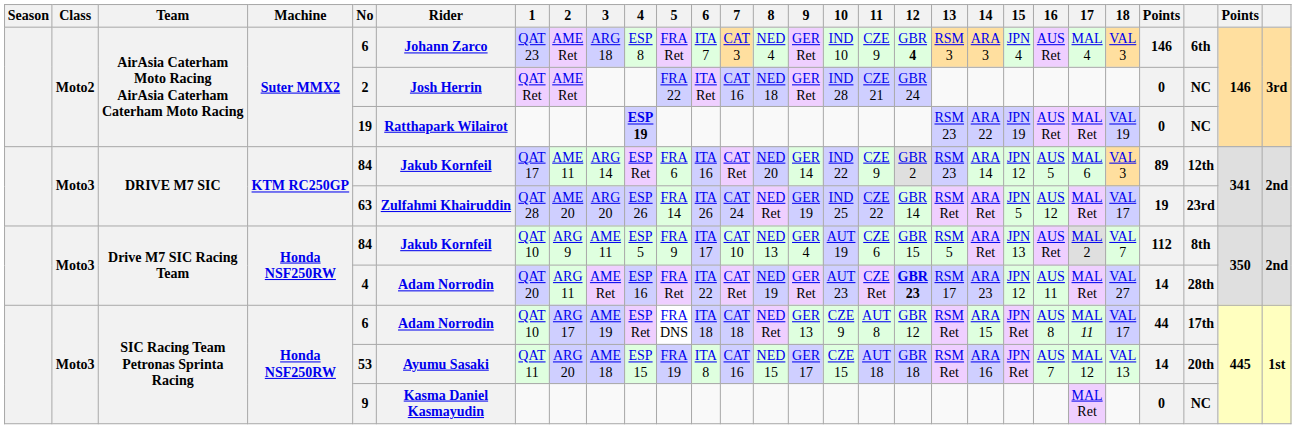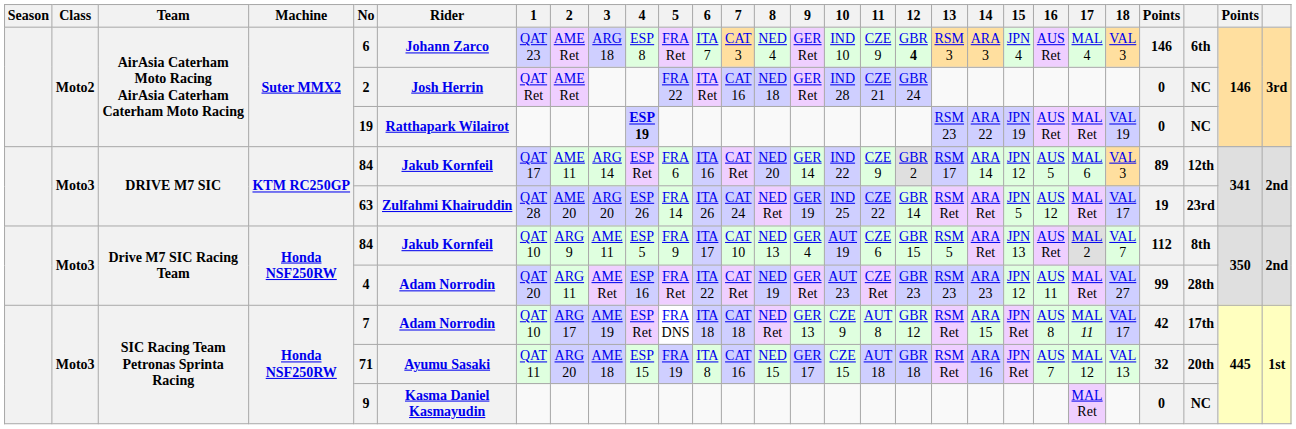 <table class="wikitable" style="text-align:center; font-size:85%">
 <tr>
 <th>Season</th>
 <th>Class</th>
 <th>Team</th>
 <th>Machine</th>
 <th>No</th>
 <th>Rider</th>
 <th>1</th>
 <th>2</th>
 <th>3</th>
 <th>4</th>
 <th>5</th>
 <th>6</th>
 <th>7</th>
 <th>8</th>
 <th>9</th>
 <th>10</th>
 <th>11</th>
 <th>12</th>
 <th>13</th>
 <th>14</th>
 <th>15</th>
 <th>16</th>
 <th>17</th>
 <th>18</th>
 <th>Points</th>
 <th></th>
 <th>Points</th>
 <th></th>
 </tr>
 <tr>
 <th rowspan=3></th>
 <th rowspan=3>Moto2</th>
 <th rowspan=3>AirAsia Caterham Moto Racing<br>AirAsia Caterham<br>Caterham Moto Racing</th>
 <th rowspan=3><a href='#'>Suter MMX2</a></th>
 <th>6</th>
 <th> <a href='#'>Johann Zarco</a></th>
 <td style="background:#cfcfff;"><a href='#'>QAT</a><br>23</td>
 <td style="background:#efcfff;"><a href='#'>AME</a><br>Ret</td>
 <td style="background:#cfcfff;"><a href='#'>ARG</a><br>18</td>
 <td style="background:#dfffdf;"><a href='#'>ESP</a><br>8</td>
 <td style="background:#efcfff;"><a href='#'>FRA</a><br>Ret</td>
 <td style="background:#dfffdf;"><a href='#'>ITA</a><br>7</td>
 <td style="background:#ffdf9f;"><a href='#'>CAT</a><br>3</td>
 <td style="background:#dfffdf;"><a href='#'>NED</a><br>4</td>
 <td style="background:#efcfff;"><a href='#'>GER</a><br>Ret</td>
 <td style="background:#dfffdf;"><a href='#'>IND</a><br>10</td>
 <td style="background:#dfffdf;"><a href='#'>CZE</a><br>9</td>
 <td style="background:#dfffdf;"><a href='#'>GBR</a><br><strong>4</strong></td>
 <td style="background:#ffdf9f;"><a href='#'>RSM</a><br>3</td>
 <td style="background:#ffdf9f;"><a href='#'>ARA</a><br>3</td>
 <td style="background:#dfffdf;"><a href='#'>JPN</a><br>4</td>
 <td style="background:#efcfff;"><a href='#'>AUS</a><br>Ret</td>
 <td style="background:#dfffdf;"><a href='#'>MAL</a><br>4</td>
 <td style="background:#ffdf9f;"><a href='#'>VAL</a><br>3</td>
 <th>146</th>
 <th>6th</th>
 <th rowspan="3" style="background:#ffdf9f;">146</th>
 <th rowspan="3" style="background:#ffdf9f;">3rd</th>
 </tr>
 <tr>
 <th>2</th>
 <th> <a href='#'>Josh Herrin</a></th>
 <td style="background:#efcfff;"><a href='#'>QAT</a><br>Ret</td>
 <td style="background:#efcfff;"><a href='#'>AME</a><br>Ret</td>
 <td></td>
 <td></td>
 <td style="background:#cfcfff;"><a href='#'>FRA</a><br>22</td>
 <td style="background:#efcfff;"><a href='#'>ITA</a><br> Ret</td>
 <td style="background:#cfcfff;"><a href='#'>CAT</a><br>16</td>
 <td style="background:#cfcfff;"><a href='#'>NED</a><br>18</td>
 <td style="background:#efcfff;"><a href='#'>GER</a><br>Ret</td>
 <td style="background:#cfcfff;"><a href='#'>IND</a><br>28</td>
 <td style="background:#cfcfff;"><a href='#'>CZE</a><br>21</td>
 <td style="background:#cfcfff;"><a href='#'>GBR</a><br>24</td>
 <td></td>
 <td></td>
 <td></td>
 <td></td>
 <td></td>
 <td></td>
 <th>0</th>
 <th>NC</th>
 </tr>
 <tr>
 <th>19</th>
 <th> <a href='#'>Ratthapark Wilairot</a></th>
 <td></td>
 <td></td>
 <td></td>
 <td style="background:#cfcfff;"><strong><a href='#'>ESP</a><br>19</strong></td>
 <td></td>
 <td></td>
 <td></td>
 <td></td>
 <td></td>
 <td></td>
 <td></td>
 <td></td>
 <td style="background:#cfcfff;"><a href='#'>RSM</a><br>23</td>
 <td style="background:#cfcfff;"><a href='#'>ARA</a><br>22</td>
 <td style="background:#cfcfff;"><a href='#'>JPN</a><br>19</td>
 <td style="background:#efcfff;"><a href='#'>AUS</a><br>Ret</td>
 <td style="background:#efcfff;"><a href='#'>MAL</a><br>Ret</td>
 <td style="background:#cfcfff;"><a href='#'>VAL</a><br>19</td>
 <th>0</th>
 <th>NC</th>
 </tr>
 <tr>
 <th rowspan=2></th>
 <th rowspan=2>Moto3</th>
 <th rowspan=2>DRIVE M7 SIC</th>
 <th rowspan=2><a href='#'>KTM RC250GP</a></th>
 <th>84</th>
 <th> <a href='#'>Jakub Kornfeil</a></th>
 <td style="background:#cfcfff;"><a href='#'>QAT</a><br>17</td>
 <td style="background:#dfffdf;"><a href='#'>AME</a><br>11</td>
 <td style="background:#dfffdf;"><a href='#'>ARG</a><br>14</td>
 <td style="background:#efcfff;"><a href='#'>ESP</a><br>Ret</td>
 <td style="background:#dfffdf;"><a href='#'>FRA</a><br>6</td>
 <td style="background:#cfcfff;"><a href='#'>ITA</a><br>16</td>
 <td style="background:#efcfff;"><a href='#'>CAT</a><br>Ret</td>
 <td style="background:#cfcfff;"><a href='#'>NED</a><br>20</td>
 <td style="background:#dfffdf;"><a href='#'>GER</a><br>14</td>
 <td style="background:#cfcfff;"><a href='#'>IND</a><br>22</td>
 <td style="background:#dfffdf;"><a href='#'>CZE</a><br>9</td>
 <td style="background:#dfdfdf;"><a href='#'>GBR</a><br>2</td>
-<td style="background:#cfcfff;"><a href='#'>RSM</a><br>23</td>
+<td style="background:#cfcfff;"><a href='#'>RSM</a><br>17</td>
 <td style="background:#dfffdf;"><a href='#'>ARA</a><br>14</td>
 <td style="background:#dfffdf;"><a href='#'>JPN</a><br>12</td>
 <td style="background:#dfffdf;"><a href='#'>AUS</a><br>5</td>
 <td style="background:#dfffdf;"><a href='#'>MAL</a><br>6</td>
 <td style="background:#ffdf9f;"><a href='#'>VAL</a><br>3</td>
 <th>89</th>
 <th>12th</th>
 <th rowspan="2" style="background:#dfdfdf;">341</th>
 <th rowspan="2" style="background:#dfdfdf;">2nd</th>
 </tr>
 <tr>
 <th>63</th>
 <th> <a href='#'>Zulfahmi Khairuddin</a></th>
 <td style="background:#cfcfff;"><a href='#'>QAT</a><br>28</td>
 <td style="background:#cfcfff;"><a href='#'>AME</a><br>20</td>
 <td style="background:#cfcfff;"><a href='#'>ARG</a><br>20</td>
 <td style="background:#cfcfff;"><a href='#'>ESP</a><br>26</td>
 <td style="background:#dfffdf;"><a href='#'>FRA</a><br>14</td>
 <td style="background:#cfcfff;"><a href='#'>ITA</a><br>26</td>
 <td style="background:#cfcfff;"><a href='#'>CAT</a><br>24</td>
 <td style="background:#efcfff;"><a href='#'>NED</a><br>Ret</td>
 <td style="background:#cfcfff;"><a href='#'>GER</a><br>19</td>
 <td style="background:#cfcfff;"><a href='#'>IND</a><br>25</td>
 <td style="background:#cfcfff;"><a href='#'>CZE</a><br>22</td>
 <td style="background:#dfffdf;"><a href='#'>GBR</a><br>14</td>
 <td style="background:#efcfff;"><a href='#'>RSM</a><br>Ret</td>
 <td style="background:#efcfff;"><a href='#'>ARA</a><br>Ret</td>
 <td style="background:#dfffdf;"><a href='#'>JPN</a><br>5</td>
 <td style="background:#dfffdf;"><a href='#'>AUS</a><br>12</td>
 <td style="background:#efcfff;"><a href='#'>MAL</a><br>Ret</td>
 <td style="background:#cfcfff;"><a href='#'>VAL</a><br>17</td>
 <th>19</th>
 <th>23rd</th>
 </tr>
 <tr>
 <th rowspan=2></th>
 <th rowspan=2>Moto3</th>
 <th rowspan=2>Drive M7 SIC Racing Team</th>
 <th rowspan=2><a href='#'>Honda NSF250RW</a></th>
 <th>84</th>
 <th> <a href='#'>Jakub Kornfeil</a></th>
 <td style="background:#dfffdf;"><a href='#'>QAT</a><br>10</td>
 <td style="background:#dfffdf;"><a href='#'>ARG</a><br>9</td>
 <td style="background:#dfffdf;"><a href='#'>AME</a><br>11</td>
 <td style="background:#dfffdf;"><a href='#'>ESP</a><br>5</td>
 <td style="background:#dfffdf;"><a href='#'>FRA</a><br>9</td>
 <td style="background:#cfcfff;"><a href='#'>ITA</a><br>17</td>
 <td style="background:#dfffdf;"><a href='#'>CAT</a><br>10</td>
 <td style="background:#dfffdf;"><a href='#'>NED</a><br>13</td>
 <td style="background:#dfffdf;"><a href='#'>GER</a><br>4</td>
 <td style="background:#cfcfff;"><a href='#'>AUT</a><br>19</td>
 <td style="background:#dfffdf;"><a href='#'>CZE</a><br>6</td>
 <td style="background:#dfffdf;"><a href='#'>GBR</a><br>15</td>
 <td style="background:#dfffdf;"><a href='#'>RSM</a><br>5</td>
 <td style="background:#efcfff;"><a href='#'>ARA</a><br>Ret</td>
 <td style="background:#dfffdf;"><a href='#'>JPN</a><br>13</td>
 <td style="background:#efcfff;"><a href='#'>AUS</a><br>Ret</td>
 <td style="background:#dfdfdf;"><a href='#'>MAL</a><br>2</td>
 <td style="background:#dfffdf;"><a href='#'>VAL</a><br>7</td>
 <th>112</th>
 <th>8th</th>
 <th rowspan="2" style="background:#dfdfdf;">350</th>
 <th rowspan="2" style="background:#dfdfdf;">2nd</th>
 </tr>
 <tr>
 <th>4</th>
 <th> <a href='#'>Adam Norrodin</a></th>
 <td style="background:#cfcfff;"><a href='#'>QAT</a><br>20</td>
 <td style="background:#dfffdf;"><a href='#'>ARG</a><br>11</td>
 <td style="background:#efcfff;"><a href='#'>AME</a><br>Ret</td>
 <td style="background:#cfcfff;"><a href='#'>ESP</a><br>16</td>
 <td style="background:#efcfff;"><a href='#'>FRA</a><br>Ret</td>
 <td style="background:#cfcfff;"><a href='#'>ITA</a><br>22</td>
 <td style="background:#efcfff;"><a href='#'>CAT</a><br>Ret</td>
 <td style="background:#cfcfff;"><a href='#'>NED</a><br>19</td>
 <td style="background:#efcfff;"><a href='#'>GER</a><br>Ret</td>
 <td style="background:#cfcfff;"><a href='#'>AUT</a><br>23</td>
 <td style="background:#efcfff;"><a href='#'>CZE</a><br>Ret</td>
-<td style="background:#cfcfff;"><strong><a href='#'>GBR</a><br>23</strong></td>
-<td style="background:#cfcfff;"><a href='#'>RSM</a><br>17</td>
+<td style="background:#cfcfff;"><a href='#'>GBR</a><br>23</td>
+<td style="background:#cfcfff;"><a href='#'>RSM</a><br>23</td>
 <td style="background:#cfcfff;"><a href='#'>ARA</a><br>23</td>
 <td style="background:#dfffdf;"><a href='#'>JPN</a><br>12</td>
 <td style="background:#dfffdf;"><a href='#'>AUS</a><br>11</td>
 <td style="background:#efcfff;"><a href='#'>MAL</a><br>Ret</td>
 <td style="background:#cfcfff;"><a href='#'>VAL</a><br>27</td>
-<th>14</th>
+<th>99</th>
 <th>28th</th>
 </tr>
 <tr>
 <th rowspan=3></th>
 <th rowspan=3>Moto3</th>
 <th rowspan=3>SIC Racing Team<br>Petronas Sprinta Racing</th>
 <th rowspan=3><a href='#'>Honda NSF250RW</a></th>
-<th>6</th>
+<th>7</th>
 <th> <a href='#'>Adam Norrodin</a></th>
 <td style="background:#dfffdf;"><a href='#'>QAT</a><br>10</td>
 <td style="background:#cfcfff;"><a href='#'>ARG</a><br>17</td>
 <td style="background:#cfcfff;"><a href='#'>AME</a><br>19</td>
 <td style="background:#efcfff;"><a href='#'>ESP</a><br> Ret</td>
 <td style="background:#ffffff;"><a href='#'>FRA</a><br> DNS</td>
 <td style="background:#cfcfff;"><a href='#'>ITA</a><br>18</td>
 <td style="background:#cfcfff;"><a href='#'>CAT</a><br>18</td>
 <td style="background:#efcfff;"><a href='#'>NED</a><br> Ret</td>
 <td style="background:#dfffdf;"><a href='#'>GER</a><br>13</td>
 <td style="background:#dfffdf;"><a href='#'>CZE</a><br>9</td>
 <td style="background:#dfffdf;"><a href='#'>AUT</a><br>8</td>
 <td style="background:#dfffdf;"><a href='#'>GBR</a><br>12</td>
 <td style="background:#efcfff;"><a href='#'>RSM</a><br> Ret</td>
 <td style="background:#dfffdf;"><a href='#'>ARA</a><br>15</td>
 <td style="background:#efcfff;"><a href='#'>JPN</a><br> Ret</td>
 <td style="background:#dfffdf;"><a href='#'>AUS</a><br>8</td>
 <td style="background:#dfffdf;"><a href='#'>MAL</a><br> <em>11</em></td>
 <td style="background:#cfcfff;"><a href='#'>VAL</a><br>17</td>
-<th>44</th>
+<th>42</th>
 <th>17th</th>
 <th rowspan="3" style="background:#ffffbf;">445</th>
 <th rowspan="3" style="background:#ffffbf;">1st</th>
 </tr>
 <tr>
-<th>53</th>
+<th>71</th>
 <th> <a href='#'>Ayumu Sasaki</a></th>
 <td style="background:#dfffdf;"><a href='#'>QAT</a><br>11</td>
 <td style="background:#cfcfff;"><a href='#'>ARG</a><br>20</td>
 <td style="background:#cfcfff;"><a href='#'>AME</a><br>18</td>
 <td style="background:#dfffdf;"><a href='#'>ESP</a><br>15</td>
 <td style="background:#cfcfff;"><a href='#'>FRA</a><br>19</td>
 <td style="background:#dfffdf;"><a href='#'>ITA</a><br>8</td>
 <td style="background:#cfcfff;"><a href='#'>CAT</a><br>16</td>
 <td style="background:#dfffdf;"><a href='#'>NED</a><br>15</td>
 <td style="background:#cfcfff;"><a href='#'>GER</a><br>17</td>
 <td style="background:#dfffdf;"><a href='#'>CZE</a><br>15</td>
 <td style="background:#cfcfff;"><a href='#'>AUT</a><br>18</td>
 <td style="background:#cfcfff;"><a href='#'>GBR</a><br>18</td>
 <td style="background:#efcfff;"><a href='#'>RSM</a><br> Ret</td>
 <td style="background:#cfcfff;"><a href='#'>ARA</a><br>16</td>
 <td style="background:#efcfff;"><a href='#'>JPN</a><br> Ret</td>
 <td style="background:#dfffdf;"><a href='#'>AUS</a><br>7</td>
 <td style="background:#dfffdf;"><a href='#'>MAL</a><br>12</td>
 <td style="background:#dfffdf;"><a href='#'>VAL</a><br>13</td>
-<th>14</th>
+<th>32</th>
 <th>20th</th>
 </tr>
 <tr>
 <th>9</th>
 <th> <a href='#'>Kasma Daniel Kasmayudin</a></th>
 <td></td>
 <td></td>
 <td></td>
 <td></td>
 <td></td>
 <td></td>
 <td></td>
 <td></td>
 <td></td>
 <td></td>
 <td></td>
 <td></td>
 <td></td>
 <td></td>
 <td></td>
 <td></td>
 <td style="background:#efcfff;"><a href='#'>MAL</a><br> Ret</td>
 <td></td>
 <th>0</th>
 <th>NC</th>
 </tr>
 </table>
